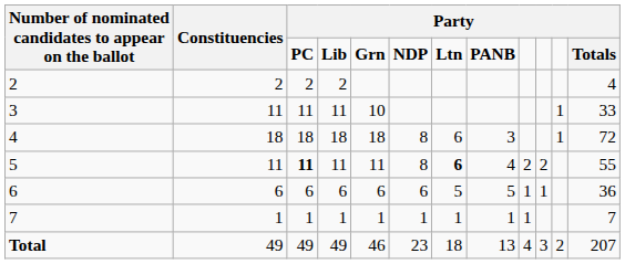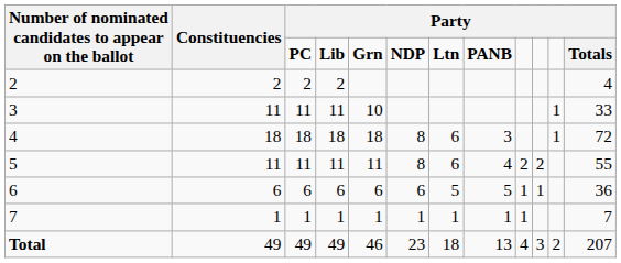 <table class="wikitable" style="text-align:right;">
 <tr>
 <th rowspan="2">Number of nominated<br>candidates to appear<br> on the ballot</th>
 <th rowspan="2">Constituencies</th>
 <th colspan="10">Party</th>
 </tr>
 <tr>
 <td><strong>PC</strong></td>
 <td><strong>Lib</strong></td>
 <td><strong>Grn</strong></td>
 <td><strong>NDP</strong></td>
 <td><strong>Ltn</strong></td>
 <td><strong>PANB</strong></td>
 <td><strong></strong></td>
 <td><strong></strong></td>
 <td><strong></strong></td>
 <th>Totals</th>
 </tr>
 <tr>
 <td style="text-align:left;">2</td>
 <td>2</td>
 <td>2</td>
 <td>2</td>
 <td></td>
 <td></td>
 <td></td>
 <td></td>
 <td></td>
 <td></td>
 <td></td>
 <td>4</td>
 </tr>
 <tr>
 <td style="text-align:left;">3</td>
 <td>11</td>
 <td>11</td>
 <td>11</td>
 <td>10</td>
 <td></td>
 <td></td>
 <td></td>
 <td></td>
 <td></td>
 <td>1</td>
 <td>33</td>
 </tr>
 <tr>
 <td style="text-align:left;">4</td>
 <td>18</td>
 <td>18</td>
 <td>18</td>
 <td>18</td>
 <td>8</td>
 <td>6</td>
 <td>3</td>
 <td></td>
 <td></td>
 <td>1</td>
 <td>72</td>
 </tr>
 <tr>
 <td style="text-align:left;">5</td>
 <td>11</td>
-<td><strong>11</strong></td>
+<td>11</td>
 <td>11</td>
 <td>11</td>
 <td>8</td>
-<td><strong>6</strong></td>
+<td>6</td>
 <td>4</td>
 <td>2</td>
 <td>2</td>
 <td></td>
 <td>55</td>
 </tr>
 <tr>
 <td style="text-align:left;">6</td>
 <td>6</td>
 <td>6</td>
 <td>6</td>
 <td>6</td>
 <td>6</td>
 <td>5</td>
 <td>5</td>
 <td>1</td>
 <td>1</td>
 <td></td>
 <td>36</td>
 </tr>
 <tr>
 <td style="text-align:left;">7</td>
 <td>1</td>
 <td>1</td>
 <td>1</td>
 <td>1</td>
 <td>1</td>
 <td>1</td>
 <td>1</td>
 <td>1</td>
 <td></td>
 <td></td>
 <td>7</td>
 </tr>
 <tr>
 <td style="text-align:left;"><strong>Total</strong></td>
 <td>49</td>
 <td>49</td>
 <td>49</td>
 <td>46</td>
 <td>23</td>
 <td>18</td>
 <td>13</td>
 <td>4</td>
 <td>3</td>
 <td>2</td>
 <td>207</td>
 </tr>
 </table>
